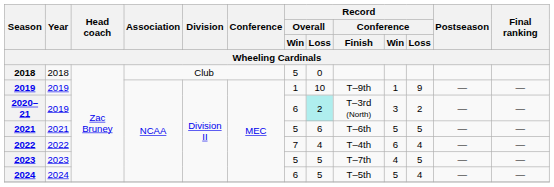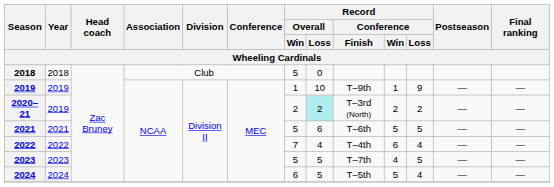 <table class="wikitable" style="font-size: 95%; width:98%;text-align:center;">
 <tr>
 <th rowspan="3">Season</th>
 <th rowspan="3">Year</th>
 <th rowspan="3">Head coach</th>
 <th rowspan="3">Association</th>
 <th rowspan="3">Division</th>
 <th rowspan="3">Conference</th>
 <th colspan="5">Record</th>
 <th rowspan="3">Postseason</th>
 <th rowspan="3">Final ranking</th>
 </tr>
 <tr>
 <th colspan="2">Overall</th>
 <th colspan="3">Conference</th>
 </tr>
 <tr>
 <th>Win</th>
 <th>Loss</th>
 <th>Finish</th>
 <th>Win</th>
 <th>Loss</th>
 </tr>
 <tr>
 <th colspan="15">Wheeling Cardinals</th>
 </tr>
 <tr>
 <th>2018</th>
 <td>2018</td>
 <td rowspan="7"><a href='#'>Zac Bruney</a></td>
 <td colspan="3">Club</td>
 <td>5</td>
 <td>0</td>
 <td></td>
 <td></td>
 <td></td>
 <td></td>
 <td></td>
 </tr>
 <tr>
 <th><a href='#'>2019</a></th>
 <td><a href='#'>2019</a></td>
 <td rowspan="6"><a href='#'>NCAA</a></td>
 <td rowspan="6"><a href='#'>Division II</a></td>
 <td rowspan="6"><a href='#'>MEC</a></td>
 <td>1</td>
 <td>10</td>
 <td>T–9th</td>
 <td>1</td>
 <td>9</td>
 <td>—</td>
 <td>—</td>
 </tr>
 <tr>
 <th><a href='#'>2020–21</a></th>
 <td><a href='#'>2019</a></td>
-<td>6</td>
+<td>2</td>
 <td style="background: paleturquoise;">2</td>
 <td>T–3rd <small>(North)</small></td>
-<td>3</td>
+<td>2</td>
 <td>2</td>
 <td>—</td>
 <td>—</td>
 </tr>
 <tr>
 <th><a href='#'>2021</a></th>
 <td><a href='#'>2021</a></td>
 <td>5</td>
 <td>6</td>
 <td>T–6th</td>
 <td>5</td>
 <td>5</td>
 <td>—</td>
 <td>—</td>
 </tr>
 <tr>
 <th><a href='#'>2022</a></th>
 <td><a href='#'>2022</a></td>
 <td>7</td>
 <td>4</td>
 <td>T–4th</td>
 <td>6</td>
 <td>4</td>
 <td>—</td>
 <td>—</td>
 </tr>
 <tr>
 <th><a href='#'>2023</a></th>
 <td><a href='#'>2023</a></td>
 <td>5</td>
 <td>5</td>
 <td>T–7th</td>
 <td>4</td>
 <td>5</td>
 <td>—</td>
 <td>—</td>
 </tr>
 <tr>
 <th><a href='#'>2024</a></th>
 <td><a href='#'>2024</a></td>
 <td>6</td>
 <td>5</td>
 <td>T–5th</td>
 <td>5</td>
 <td>4</td>
 <td>—</td>
 <td>—</td>
 </tr>
 <tr>
 </tr>
 </table>
